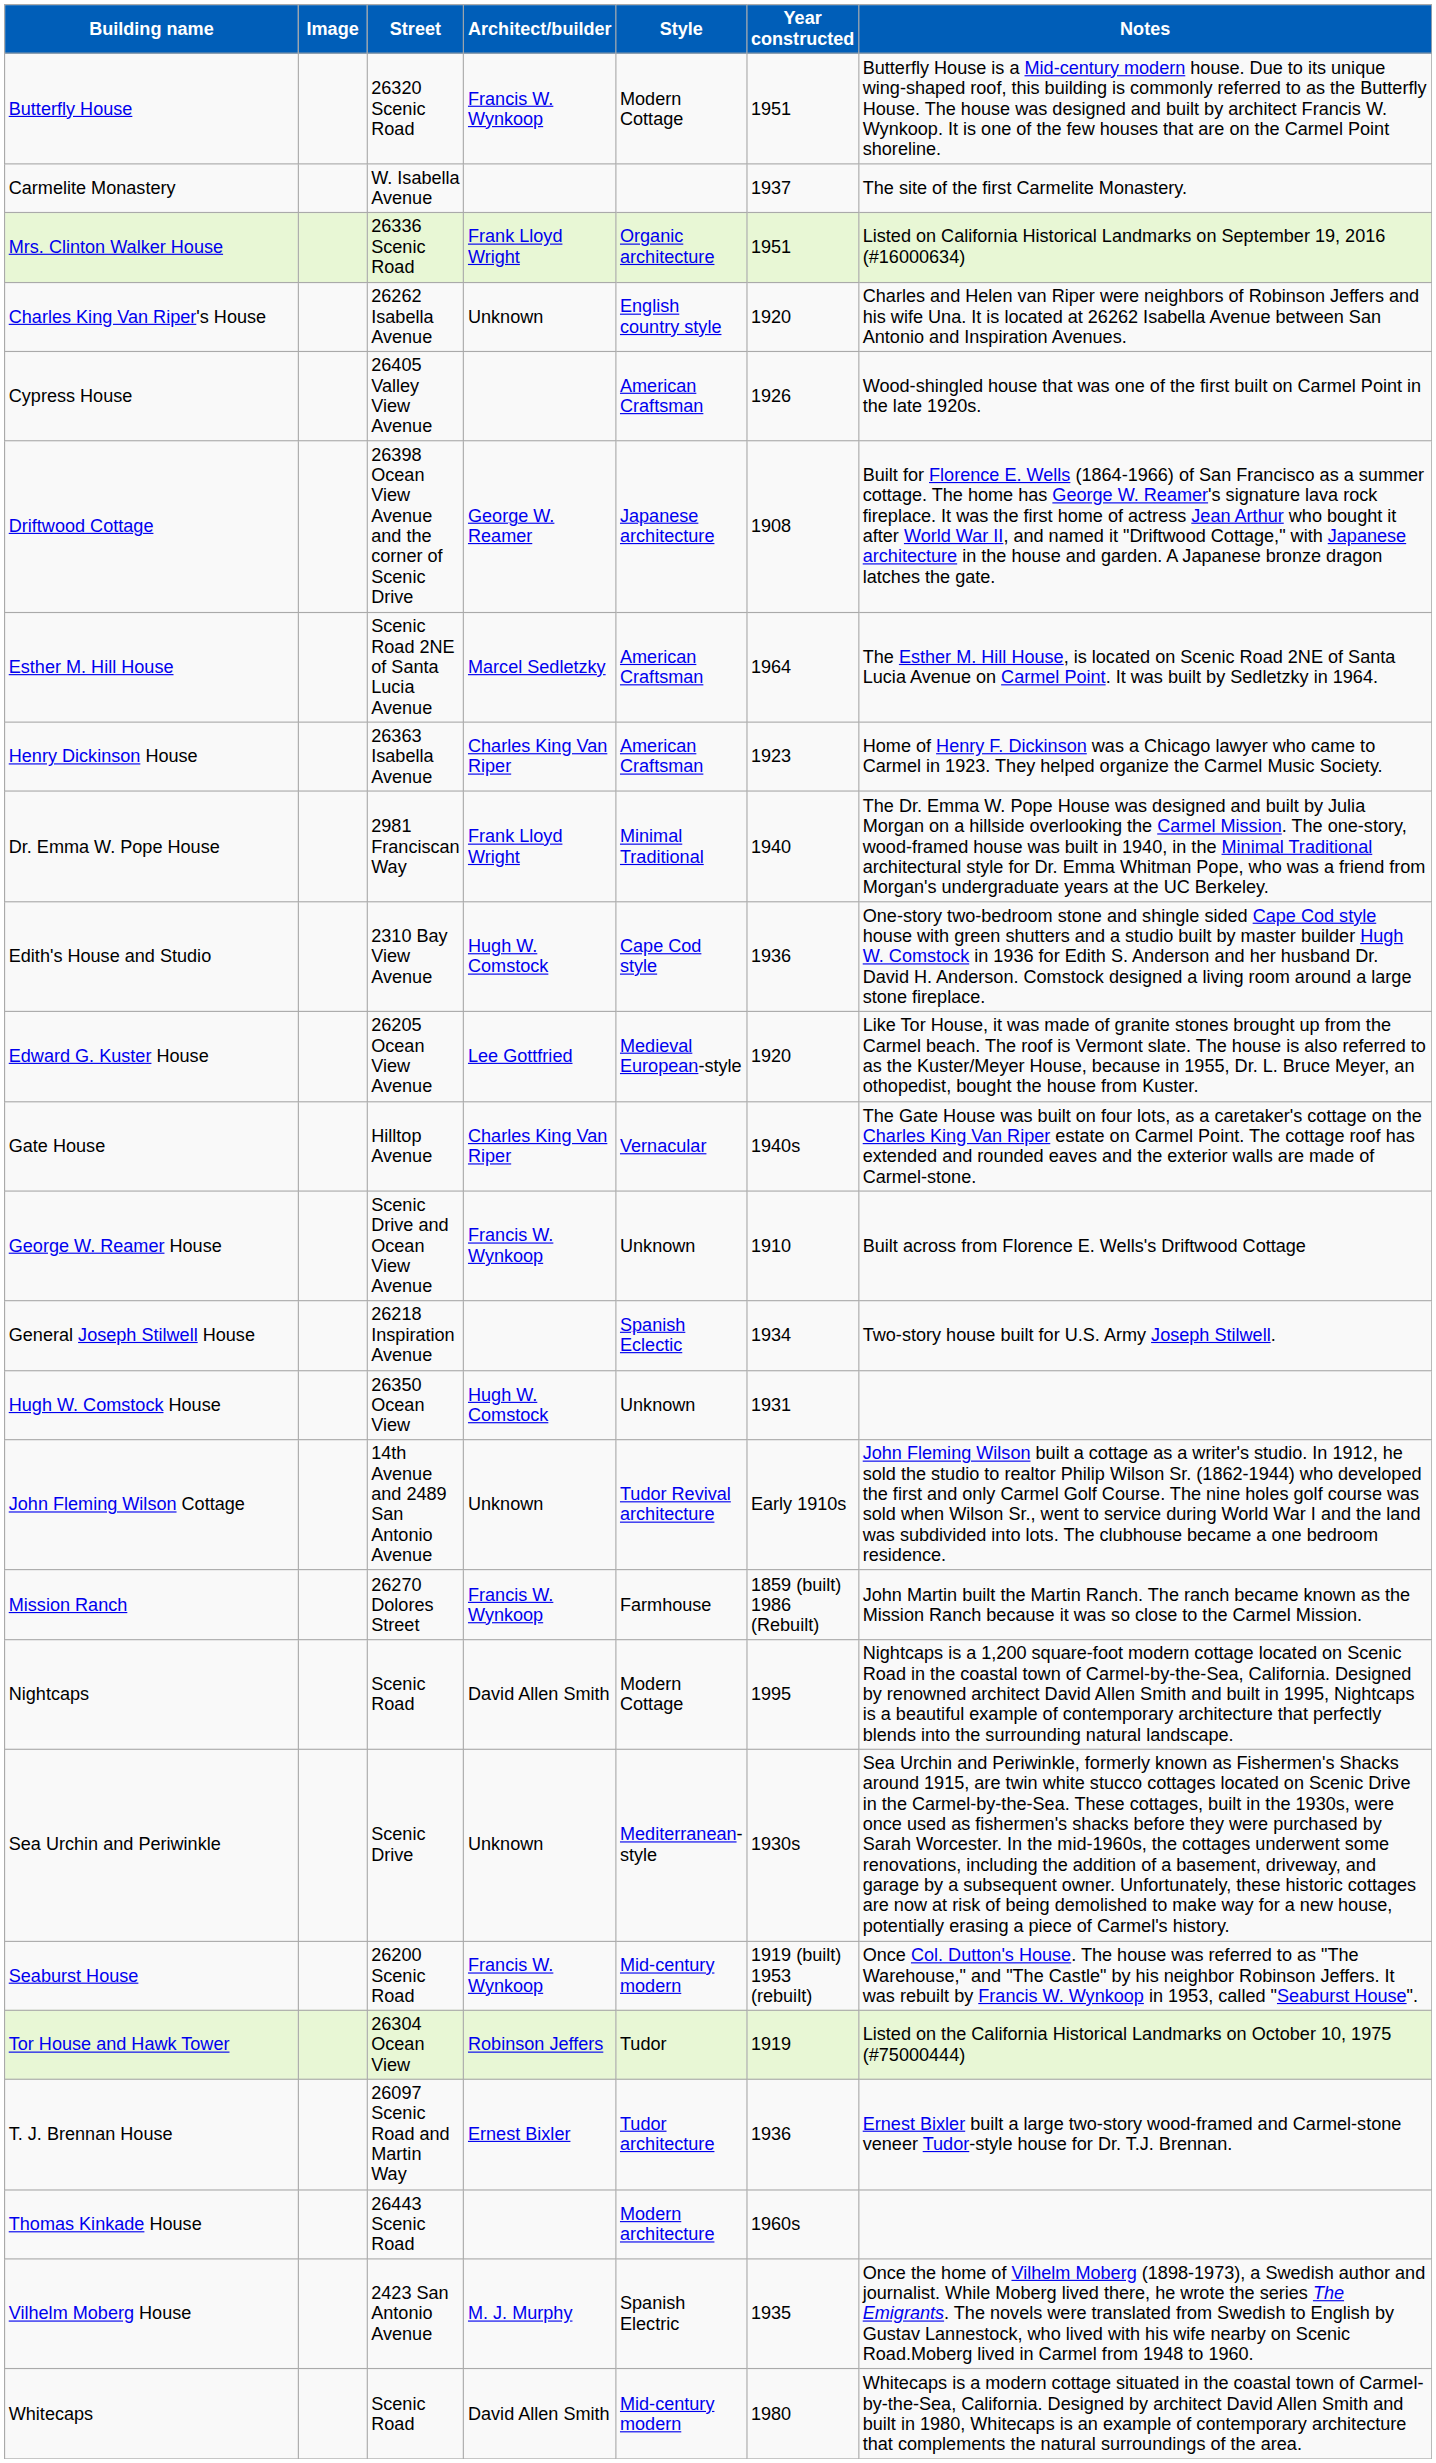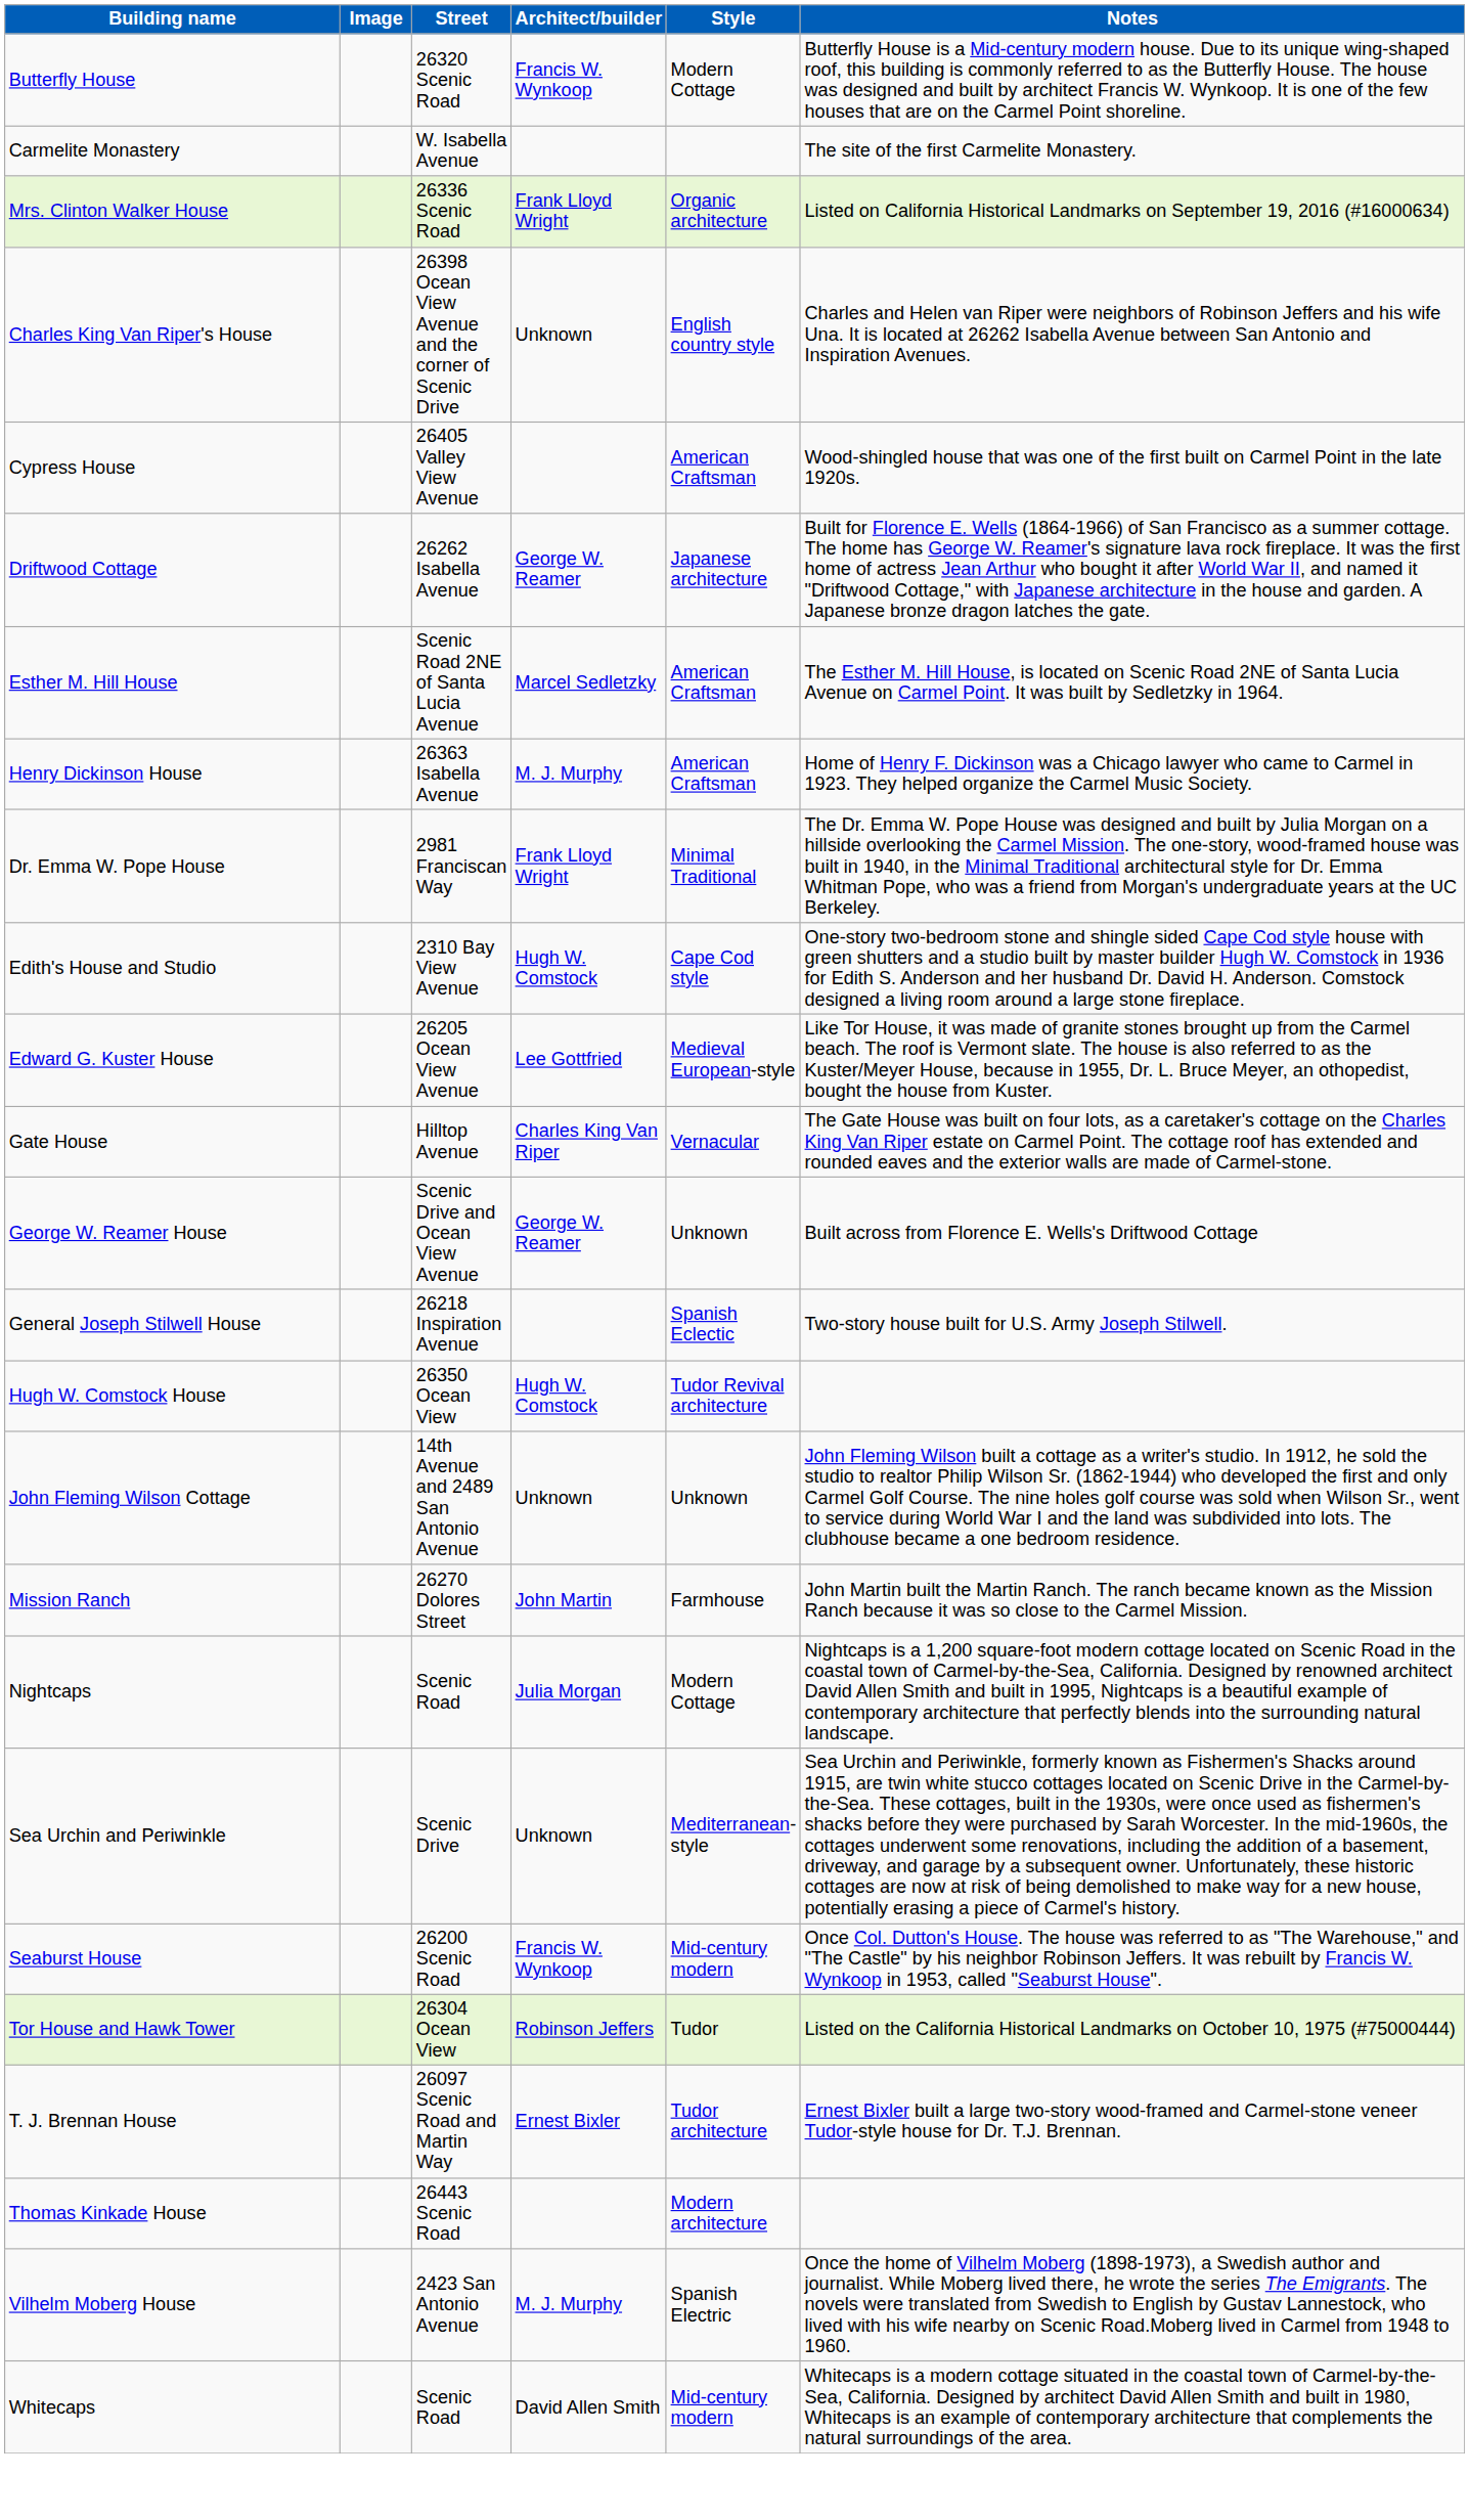 <table class="wikitable sortable" style="text-align: left;" width="100%;">
 <tr>
 <th ! style="background:#005EB8; color:white;" width="25%;">Building name</th>
 <th ! style="background:#005EB8; color:white;" width="5%;">Image</th>
 <th ! style="background:#005EB8; color:white;" width="5%;">Street</th>
 <th ! style="background:#005EB8; color:white;" width="5%;">Architect/builder</th>
 <th ! style="background:#005EB8; color:white;" width="5%;">Style</th>
-<th ! style="background:#005EB8; color:white;" width="5%;">Year constructed</th>
 <th ! style="background:#005EB8; color:white;" width="50%;">Notes</th>
 </tr>
 <tr>
 <td><a href='#'>Butterfly House</a></td>
 <td></td>
 <td>26320 Scenic Road</td>
 <td><a href='#'>Francis W. Wynkoop</a></td>
 <td>Modern Cottage</td>
-<td>1951</td>
 <td>Butterfly House is a <a href='#'>Mid-century modern</a> house. Due to its unique wing-shaped roof, this building is commonly referred to as the Butterfly House. The house was designed and built by architect Francis W. Wynkoop. It is one of the few houses that are on the Carmel Point shoreline.</td>
 </tr>
 <tr>
 <td>Carmelite Monastery</td>
 <td></td>
 <td>W. Isabella Avenue</td>
 <td></td>
 <td></td>
-<td>1937</td>
 <td>The site of the first Carmelite Monastery.</td>
 </tr>
 <tr style="background: #e8f7d5">
 <td><a href='#'>Mrs. Clinton Walker House</a></td>
 <td></td>
 <td>26336 Scenic Road</td>
 <td><a href='#'>Frank Lloyd Wright</a></td>
 <td><a href='#'>Organic architecture</a></td>
-<td>1951</td>
 <td>Listed on California Historical Landmarks on September 19, 2016 (#16000634)</td>
 </tr>
 <tr>
 <td><a href='#'>Charles King Van Riper</a>'s House</td>
 <td></td>
-<td>26262 Isabella Avenue</td>
+<td>26398 Ocean View Avenue and the corner of Scenic Drive</td>
 <td>Unknown</td>
 <td><a href='#'>English country style</a></td>
-<td>1920</td>
 <td>Charles and Helen van Riper were neighbors of Robinson Jeffers and his wife Una. It is located at 26262 Isabella Avenue between San Antonio and Inspiration Avenues.</td>
 </tr>
 <tr>
 <td>Cypress House</td>
 <td></td>
 <td>26405 Valley View Avenue</td>
 <td></td>
 <td><a href='#'>American Craftsman</a></td>
-<td>1926</td>
 <td>Wood-shingled house that was one of the first built on Carmel Point in the late 1920s.</td>
 </tr>
 <tr>
 <td><a href='#'>Driftwood Cottage</a></td>
 <td></td>
-<td>26398 Ocean View Avenue and the corner of Scenic Drive</td>
+<td>26262 Isabella Avenue</td>
 <td><a href='#'>George W. Reamer</a></td>
 <td><a href='#'>Japanese architecture</a></td>
-<td>1908</td>
 <td>Built for <a href='#'>Florence E. Wells</a> (1864-1966) of San Francisco as a summer cottage. The home has <a href='#'>George W. Reamer</a>'s signature lava rock fireplace. It was the first home of actress <a href='#'>Jean Arthur</a> who bought it after <a href='#'>World War II</a>, and named it "Driftwood Cottage," with <a href='#'>Japanese architecture</a> in the house and garden. A Japanese bronze dragon latches the gate.</td>
 </tr>
 <tr>
 <td><a href='#'>Esther M. Hill House</a></td>
 <td></td>
 <td>Scenic Road 2NE of Santa Lucia Avenue</td>
 <td><a href='#'>Marcel Sedletzky</a></td>
 <td><a href='#'>American Craftsman</a></td>
-<td>1964</td>
 <td>The <a href='#'>Esther M. Hill House</a>, is located on Scenic Road 2NE of Santa Lucia Avenue on <a href='#'>Carmel Point</a>. It was built by Sedletzky in 1964.</td>
 </tr>
 <tr>
 <td><a href='#'>Henry Dickinson</a> House</td>
 <td></td>
 <td>26363 Isabella Avenue</td>
-<td><a href='#'>Charles King Van Riper</a></td>
+<td><a href='#'>M. J. Murphy</a></td>
 <td><a href='#'>American Craftsman</a></td>
-<td>1923</td>
 <td>Home of <a href='#'>Henry F. Dickinson</a> was a Chicago lawyer who came to Carmel in 1923. They helped organize the Carmel Music Society.</td>
 </tr>
 <tr>
 <td>Dr. Emma W. Pope House</td>
 <td></td>
 <td>2981 Franciscan Way</td>
 <td><a href='#'>Frank Lloyd Wright</a></td>
 <td><a href='#'>Minimal Traditional</a></td>
-<td>1940</td>
 <td>The Dr. Emma W. Pope House was designed and built by Julia Morgan on a hillside overlooking the <a href='#'>Carmel Mission</a>. The one-story, wood-framed house was built in 1940, in the <a href='#'>Minimal Traditional</a> architectural style for Dr. Emma Whitman Pope, who was a friend from Morgan's undergraduate years at the UC Berkeley.</td>
 </tr>
 <tr>
 <td>Edith's House and Studio</td>
 <td></td>
 <td>2310 Bay View Avenue</td>
 <td><a href='#'>Hugh W. Comstock</a></td>
 <td><a href='#'>Cape Cod style</a></td>
-<td>1936</td>
 <td>One-story two-bedroom stone and shingle sided <a href='#'>Cape Cod style</a> house with green shutters and a studio built by master builder <a href='#'>Hugh W. Comstock</a> in 1936 for Edith S. Anderson and her husband Dr. David H. Anderson. Comstock designed a living room around a large stone fireplace.</td>
 </tr>
 <tr>
 <td><a href='#'>Edward G. Kuster</a> House</td>
 <td></td>
 <td>26205 Ocean View Avenue</td>
 <td><a href='#'>Lee Gottfried</a></td>
 <td><a href='#'>Medieval European</a>-style</td>
-<td>1920</td>
 <td>Like Tor House, it was made of granite stones brought up from the Carmel beach. The roof is Vermont slate. The house is also referred to as the Kuster/Meyer House, because in 1955, Dr. L. Bruce Meyer, an othopedist, bought the house from Kuster.</td>
 </tr>
 <tr>
 <td>Gate House</td>
 <td></td>
 <td>Hilltop Avenue</td>
 <td><a href='#'>Charles King Van Riper</a></td>
 <td><a href='#'>Vernacular</a></td>
-<td>1940s</td>
 <td>The Gate House was built on four lots, as a caretaker's cottage on the <a href='#'>Charles King Van Riper</a> estate on Carmel Point. The cottage roof has extended and rounded eaves and the exterior walls are made of Carmel-stone.</td>
 </tr>
 <tr>
 <td><a href='#'>George W. Reamer</a> House</td>
 <td></td>
 <td>Scenic Drive and Ocean View Avenue</td>
-<td><a href='#'>Francis W. Wynkoop</a></td>
+<td><a href='#'>George W. Reamer</a></td>
 <td>Unknown</td>
-<td>1910</td>
 <td>Built across from Florence E. Wells's Driftwood Cottage</td>
 </tr>
 <tr>
 <td>General <a href='#'>Joseph Stilwell</a> House</td>
 <td></td>
 <td>26218 Inspiration Avenue</td>
 <td></td>
 <td><a href='#'>Spanish Eclectic</a></td>
-<td>1934</td>
 <td>Two-story house built for U.S. Army <a href='#'>Joseph Stilwell</a>.</td>
 </tr>
 <tr>
 <td><a href='#'>Hugh W. Comstock</a> House</td>
 <td></td>
 <td>26350 Ocean View</td>
 <td><a href='#'>Hugh W. Comstock</a></td>
-<td>Unknown</td>
-<td>1931</td>
+<td><a href='#'>Tudor Revival architecture</a></td>
 <td></td>
 </tr>
 <tr>
 <td><a href='#'>John Fleming Wilson</a> Cottage</td>
 <td></td>
 <td>14th Avenue and 2489 San Antonio Avenue</td>
 <td>Unknown</td>
-<td><a href='#'>Tudor Revival architecture</a></td>
-<td>Early 1910s</td>
+<td>Unknown</td>
 <td><a href='#'>John Fleming Wilson</a> built a cottage as a writer's studio. In 1912, he sold the studio to realtor Philip Wilson Sr. (1862-1944) who developed the first and only Carmel Golf Course. The nine holes golf course was sold when Wilson Sr., went to service during World War I and the land was subdivided into lots. The clubhouse became a one bedroom residence.</td>
 </tr>
 <tr>
 <td><a href='#'>Mission Ranch</a></td>
 <td></td>
 <td>26270 Dolores Street</td>
-<td><a href='#'>Francis W. Wynkoop</a></td>
+<td><a href='#'>John Martin</a></td>
 <td>Farmhouse</td>
-<td>1859 (built)<br> 1986 (Rebuilt)</td>
 <td>John Martin built the Martin Ranch. The ranch became known as the Mission Ranch because it was so close to the Carmel Mission.</td>
 </tr>
 <tr>
 <td>Nightcaps</td>
 <td></td>
 <td>Scenic Road</td>
-<td>David Allen Smith</td>
+<td><a href='#'>Julia Morgan</a></td>
 <td>Modern Cottage</td>
-<td>1995</td>
 <td>Nightcaps is a 1,200 square-foot modern cottage located on Scenic Road in the coastal town of Carmel-by-the-Sea, California. Designed by renowned architect David Allen Smith and built in 1995, Nightcaps is a beautiful example of contemporary architecture that perfectly blends into the surrounding natural landscape.</td>
 </tr>
 <tr>
 <td>Sea Urchin and Periwinkle</td>
 <td></td>
 <td>Scenic Drive</td>
 <td>Unknown</td>
 <td><a href='#'>Mediterranean</a>-style</td>
-<td>1930s</td>
 <td>Sea Urchin and Periwinkle, formerly known as Fishermen's Shacks around 1915, are twin white stucco cottages located on Scenic Drive in the Carmel-by-the-Sea. These cottages, built in the 1930s, were once used as fishermen's shacks before they were purchased by Sarah Worcester. In the mid-1960s, the cottages underwent some renovations, including the addition of a basement, driveway, and garage by a subsequent owner. Unfortunately, these historic cottages are now at risk of being demolished to make way for a new house, potentially erasing a piece of Carmel's history.</td>
 </tr>
 <tr>
 <td><a href='#'>Seaburst House</a></td>
 <td></td>
 <td>26200 Scenic Road</td>
 <td><a href='#'>Francis W. Wynkoop</a></td>
 <td><a href='#'>Mid-century modern</a></td>
-<td>1919 (built)<br>1953 (rebuilt)</td>
 <td>Once <a href='#'>Col. Dutton's House</a>. The house was referred to as "The Warehouse," and "The Castle" by his neighbor Robinson Jeffers. It was rebuilt by <a href='#'>Francis W. Wynkoop</a> in 1953, called "<a href='#'>Seaburst House</a>".</td>
 </tr>
 <tr style="background: #e8f7d5">
 <td><a href='#'>Tor House and Hawk Tower</a></td>
 <td></td>
 <td>26304 Ocean View</td>
 <td><a href='#'>Robinson Jeffers</a></td>
 <td>Tudor</td>
-<td>1919</td>
 <td>Listed on the California Historical Landmarks on October 10, 1975 (#75000444)</td>
 </tr>
 <tr>
 <td>T. J. Brennan House</td>
 <td></td>
 <td>26097 Scenic Road and Martin Way</td>
 <td><a href='#'>Ernest Bixler</a></td>
 <td><a href='#'>Tudor architecture</a></td>
-<td>1936</td>
 <td><a href='#'>Ernest Bixler</a> built a large two-story wood-framed and Carmel-stone veneer <a href='#'>Tudor</a>-style house for Dr. T.J. Brennan.</td>
 </tr>
 <tr>
 <td><a href='#'>Thomas Kinkade</a> House</td>
 <td></td>
 <td>26443 Scenic Road</td>
 <td></td>
 <td><a href='#'>Modern architecture</a></td>
-<td>1960s</td>
 <td></td>
 </tr>
 <tr>
 <td><a href='#'>Vilhelm Moberg</a> House</td>
 <td></td>
 <td>2423 San Antonio Avenue</td>
 <td><a href='#'>M. J. Murphy</a></td>
 <td>Spanish Electric</td>
-<td>1935</td>
 <td>Once the home of <a href='#'>Vilhelm Moberg</a> (1898-1973), a Swedish author and journalist. While Moberg lived there, he wrote the series <em><a href='#'>The Emigrants</a></em>. The novels were translated from Swedish to English by Gustav Lannestock, who lived with his wife nearby on Scenic Road.Moberg lived in Carmel from 1948 to 1960.</td>
 </tr>
 <tr>
 <td>Whitecaps</td>
 <td></td>
 <td>Scenic Road</td>
 <td>David Allen Smith</td>
 <td><a href='#'>Mid-century modern</a></td>
-<td>1980</td>
 <td>Whitecaps is a modern cottage situated in the coastal town of Carmel-by-the-Sea, California. Designed by architect David Allen Smith and built in 1980, Whitecaps is an example of contemporary architecture that complements the natural surroundings of the area.</td>
 </tr>
 </table>
